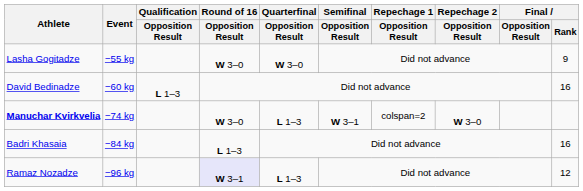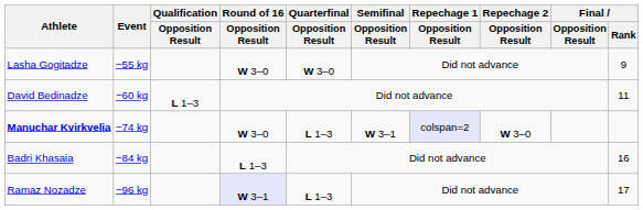 <table class="wikitable" style="font-size:90%">
 <tr>
 <th rowspan="2">Athlete</th>
 <th rowspan="2">Event</th>
 <th>Qualification</th>
 <th>Round of 16</th>
 <th>Quarterfinal</th>
 <th>Semifinal</th>
 <th>Repechage 1</th>
 <th>Repechage 2</th>
 <th colspan=2>Final / </th>
 </tr>
 <tr style="font-size: 95%">
 <th>Opposition<br>Result</th>
 <th>Opposition<br>Result</th>
 <th>Opposition<br>Result</th>
 <th>Opposition<br>Result</th>
 <th>Opposition<br>Result</th>
 <th>Opposition<br>Result</th>
 <th>Opposition<br>Result</th>
 <th>Rank</th>
 </tr>
 <tr align=center>
 <td align=left><a href='#'>Lasha Gogitadze</a></td>
 <td align=left><a href='#'>−55 kg</a></td>
 <td></td>
 <td><br><strong>W</strong> 3–0 <sup></sup></td>
 <td><br><strong>W</strong> 3–0 <sup></sup></td>
 <td colspan=4>Did not advance</td>
 <td>9</td>
 </tr>
 <tr align=center>
 <td align=left><a href='#'>David Bedinadze</a></td>
 <td align=left><a href='#'>−60 kg</a></td>
 <td><br><strong>L</strong> 1–3 <sup></sup></td>
 <td colspan=6>Did not advance</td>
-<td>16</td>
+<td>11</td>
 </tr>
 <tr align=center>
 <td align=left><strong><a href='#'>Manuchar Kvirkvelia</a></strong></td>
 <td align=left><a href='#'>−74 kg</a></td>
 <td></td>
 <td><br><strong>W</strong> 3–0 <sup></sup></td>
 <td><br><strong>L</strong> 1–3 <sup></sup></td>
 <td><br><strong>W</strong> 3–1 <sup></sup></td>
-<td>colspan=2 </td>
+<td style="background: lavender;">colspan=2 </td>
 <td><br><strong>W</strong> 3–0 <sup></sup></td>
 <td></td>
 </tr>
 <tr align=center>
 <td align=left><a href='#'>Badri Khasaia</a></td>
 <td align=left><a href='#'>−84 kg</a></td>
 <td></td>
 <td><br><strong>L</strong> 1–3 <sup></sup></td>
 <td colspan=5>Did not advance</td>
 <td>16</td>
 </tr>
 <tr align=center>
 <td align=left><a href='#'>Ramaz Nozadze</a></td>
 <td align=left><a href='#'>−96 kg</a></td>
 <td></td>
 <td style="background: lavender;"><br><strong>W</strong> 3–1 <sup></sup></td>
 <td><br><strong>L</strong> 1–3 <sup></sup></td>
 <td colspan=4>Did not advance</td>
-<td>12</td>
+<td>17</td>
 </tr>
 </table>
